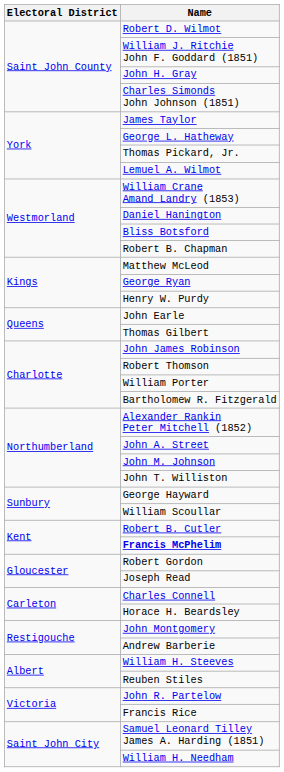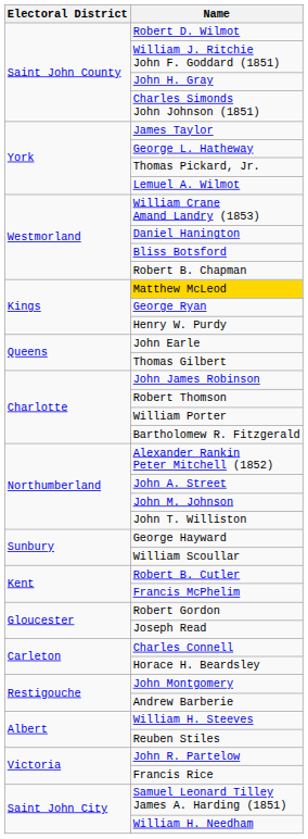 <table class="wikitable">
 <tr>
 <th>Electoral District</th>
 <th>Name</th>
 </tr>
 <tr>
 <td rowspan="4"><a href='#'>Saint John County</a></td>
 <td><a href='#'>Robert D. Wilmot</a></td>
 </tr>
 <tr>
 <td><a href='#'>William J. Ritchie</a><br>John F. Goddard (1851)</td>
 </tr>
 <tr>
 <td><a href='#'>John H. Gray</a></td>
 </tr>
 <tr>
 <td><a href='#'>Charles Simonds</a><br>John Johnson (1851)</td>
 </tr>
 <tr>
 <td rowspan="4"><a href='#'>York</a></td>
 <td><a href='#'>James Taylor</a></td>
 </tr>
 <tr>
 <td><a href='#'>George L. Hatheway</a></td>
 </tr>
 <tr>
 <td>Thomas Pickard, Jr.</td>
 </tr>
 <tr>
 <td><a href='#'>Lemuel A. Wilmot</a></td>
 </tr>
 <tr>
 <td rowspan="4"><a href='#'>Westmorland</a></td>
 <td><a href='#'>William Crane</a><br><a href='#'>Amand Landry</a> (1853)</td>
 </tr>
 <tr>
 <td><a href='#'>Daniel Hanington</a></td>
 </tr>
 <tr>
 <td><a href='#'>Bliss Botsford</a></td>
 </tr>
 <tr>
 <td>Robert B. Chapman</td>
 </tr>
 <tr>
 <td rowspan="3"><a href='#'>Kings</a></td>
-<td>Matthew McLeod</td>
+<td style="background: gold;">Matthew McLeod</td>
 </tr>
 <tr>
 <td><a href='#'>George Ryan</a></td>
 </tr>
 <tr>
 <td>Henry W. Purdy</td>
 </tr>
 <tr>
 <td rowspan="2"><a href='#'>Queens</a></td>
 <td>John Earle</td>
 </tr>
 <tr>
 <td>Thomas Gilbert</td>
 </tr>
 <tr>
 <td rowspan="4"><a href='#'>Charlotte</a></td>
 <td><a href='#'>John James Robinson</a></td>
 </tr>
 <tr>
 <td>Robert Thomson</td>
 </tr>
 <tr>
 <td>William Porter</td>
 </tr>
 <tr>
 <td>Bartholomew R. Fitzgerald</td>
 </tr>
 <tr>
 <td rowspan="4"><a href='#'>Northumberland</a></td>
 <td><a href='#'>Alexander Rankin</a><br><a href='#'>Peter Mitchell</a> (1852)</td>
 </tr>
 <tr>
 <td><a href='#'>John A. Street</a></td>
 </tr>
 <tr>
 <td><a href='#'>John M. Johnson</a></td>
 </tr>
 <tr>
 <td>John T. Williston</td>
 </tr>
 <tr>
 <td rowspan="2"><a href='#'>Sunbury</a></td>
 <td>George Hayward</td>
 </tr>
 <tr>
 <td>William Scoullar</td>
 </tr>
 <tr>
 <td rowspan="2"><a href='#'>Kent</a></td>
 <td><a href='#'>Robert B. Cutler</a></td>
 </tr>
 <tr>
-<td><strong><a href='#'>Francis McPhelim</a></strong></td>
+<td><a href='#'>Francis McPhelim</a></td>
 </tr>
 <tr>
 <td rowspan="2"><a href='#'>Gloucester</a></td>
 <td>Robert Gordon</td>
 </tr>
 <tr>
 <td>Joseph Read</td>
 </tr>
 <tr>
 <td rowspan="2"><a href='#'>Carleton</a></td>
 <td><a href='#'>Charles Connell</a></td>
 </tr>
 <tr>
 <td>Horace H. Beardsley</td>
 </tr>
 <tr>
 <td rowspan="2"><a href='#'>Restigouche</a></td>
 <td><a href='#'>John Montgomery</a></td>
 </tr>
 <tr>
 <td>Andrew Barberie</td>
 </tr>
 <tr>
 <td rowspan="2"><a href='#'>Albert</a></td>
 <td><a href='#'>William H. Steeves</a></td>
 </tr>
 <tr>
 <td>Reuben Stiles</td>
 </tr>
 <tr>
 <td rowspan="2"><a href='#'>Victoria</a></td>
 <td><a href='#'>John R. Partelow</a></td>
 </tr>
 <tr>
 <td>Francis Rice</td>
 </tr>
 <tr>
 <td rowspan="2"><a href='#'>Saint John City</a></td>
 <td><a href='#'>Samuel Leonard Tilley</a><br>James A. Harding (1851)</td>
 </tr>
 <tr>
 <td><a href='#'>William H. Needham</a></td>
 </tr>
 </table>
